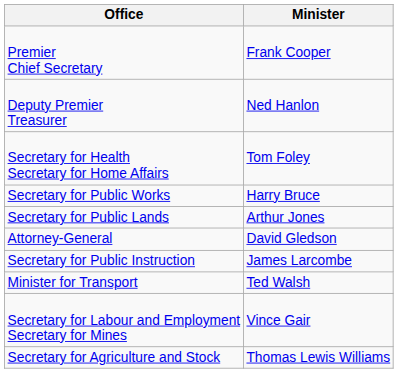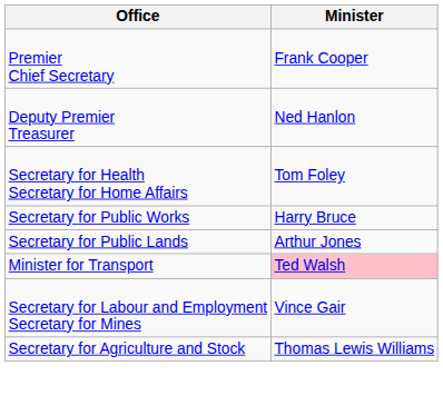 <table class="wikitable">
 <tr>
 <th>Office</th>
 <th>Minister</th>
 </tr>
 <tr>
 <td><br><a href='#'>Premier</a><br> <a href='#'>Chief Secretary</a><br></td>
 <td><a href='#'>Frank Cooper</a></td>
 </tr>
 <tr>
 <td><br><a href='#'>Deputy Premier</a><br> <a href='#'>Treasurer</a></td>
 <td><a href='#'>Ned Hanlon</a></td>
 </tr>
 <tr>
 <td><br><a href='#'>Secretary for Health</a><br> <a href='#'>Secretary for Home Affairs</a></td>
 <td><a href='#'>Tom Foley</a></td>
 </tr>
 <tr>
 <td><a href='#'>Secretary for Public Works</a></td>
 <td><a href='#'>Harry Bruce</a></td>
 </tr>
 <tr>
 <td><a href='#'>Secretary for Public Lands</a></td>
 <td><a href='#'>Arthur Jones</a></td>
 </tr>
 <tr>
-<td><a href='#'>Attorney-General</a></td>
-<td><a href='#'>David Gledson</a></td>
-</tr>
-<tr>
-<td><a href='#'>Secretary for Public Instruction</a></td>
-<td><a href='#'>James Larcombe</a></td>
-</tr>
-<tr>
 <td><a href='#'>Minister for Transport</a></td>
-<td><a href='#'>Ted Walsh</a></td>
+<td style="background: pink;"><a href='#'>Ted Walsh</a></td>
 </tr>
 <tr>
 <td><br><a href='#'>Secretary for Labour and Employment</a><br> <a href='#'>Secretary for Mines</a></td>
 <td><a href='#'>Vince Gair</a></td>
 </tr>
 <tr>
 <td><a href='#'>Secretary for Agriculture and Stock</a></td>
 <td><a href='#'>Thomas Lewis Williams</a></td>
 </tr>
 </table>
